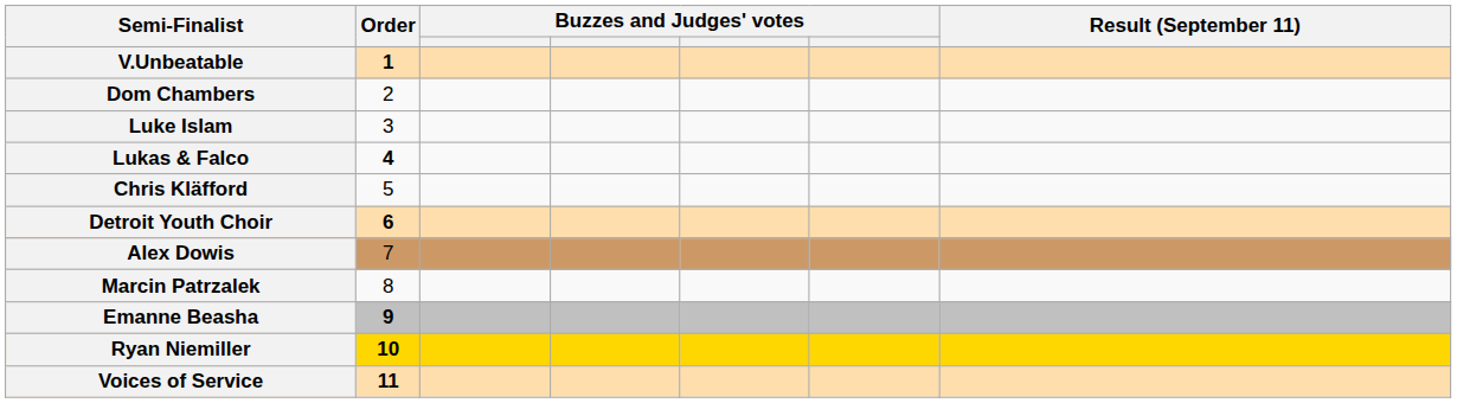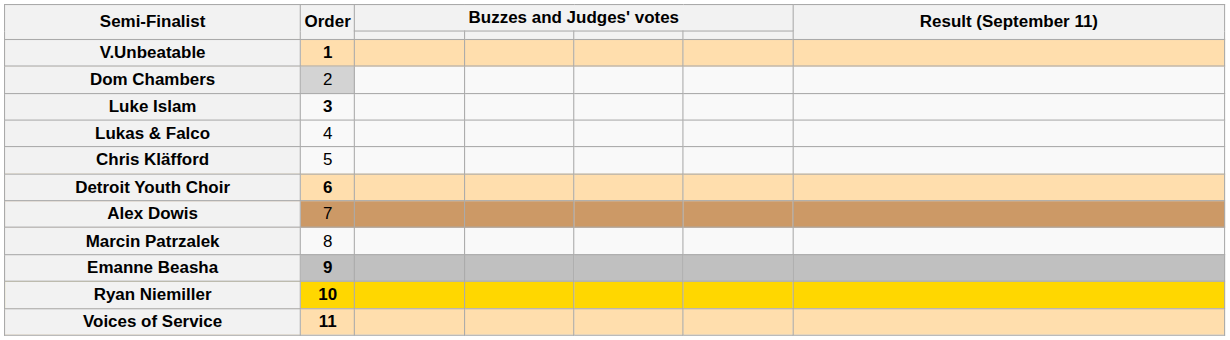 <table class="wikitable plainrowheaders sortable" style="text-align:center;">
 <tr>
 <th scope="col" rowspan="2" class="unsortable" style="width:17em;">Semi-Finalist</th>
 <th scope="col" rowspan="2" style="width:1em;">Order</th>
 <th scope="col" colspan="4" class="unsortable" style="width:24em;">Buzzes and Judges' votes </th>
 <th scope="col" rowspan="2" style="width:25em;">Result (September 11)</th>
 </tr>
 <tr>
 <th scope="col" class="unsortable" style="width:6em;"></th>
 <th scope="col" class="unsortable" style="width:6em;"></th>
 <th scope="col" class="unsortable" style="width:6em;"></th>
 <th scope="col" class="unsortable" style="width:6em;"></th>
 </tr>
 <tr style="background:NavajoWhite">
 <th scope="row"><strong>V.Unbeatable</strong></th>
 <td><strong>1</strong></td>
 <td style="text-align:center;"></td>
 <td style="text-align:center;"></td>
 <td style="text-align:center;"></td>
 <td style="text-align:center;"></td>
 <td><strong></strong></td>
 </tr>
 <tr>
 <th scope="row">Dom Chambers</th>
-<td>2</td>
+<td style="background: lightgrey;">2</td>
 <td style="text-align:center;"></td>
 <td style="text-align:center;"></td>
 <td style="text-align:center;"></td>
 <td style="text-align:center;"></td>
 <td></td>
 </tr>
 <tr>
 <th scope="row">Luke Islam</th>
-<td>3</td>
+<td><strong>3</strong></td>
 <td style="text-align:center;"></td>
 <td style="text-align:center;"></td>
 <td style="text-align:center;"></td>
 <td style="text-align:center;"></td>
 <td></td>
 </tr>
 <tr>
 <th scope="row">Lukas & Falco</th>
-<td><strong>4</strong></td>
+<td>4</td>
 <td style="text-align:center;"></td>
 <td style="text-align:center;"></td>
 <td style="text-align:center;"></td>
 <td style="text-align:center;"> </td>
 <td></td>
 </tr>
 <tr>
 <th scope="row">Chris Kläfford</th>
 <td>5</td>
 <td style="text-align:center;"></td>
 <td style="text-align:center;"></td>
 <td style="text-align:center;"></td>
 <td style="text-align:center;"></td>
 <td></td>
 </tr>
 <tr style="background:NavajoWhite">
 <th scope="row"><strong>Detroit Youth Choir</strong></th>
 <td><strong>6</strong></td>
 <td style="text-align:center;"></td>
 <td style="text-align:center;"></td>
 <td style="text-align:center;"></td>
 <td style="text-align:center;"></td>
 <td><strong></strong></td>
 </tr>
 <tr style="background:#c96">
 <th scope="row">Alex Dowis</th>
 <td>7</td>
 <td style="text-align:center;"></td>
 <td style="text-align:center;"></td>
 <td style="text-align:center;"></td>
 <td style="text-align:center;"></td>
 <td></td>
 </tr>
 <tr>
 <th scope="row">Marcin Patrzalek</th>
 <td>8</td>
 <td style="text-align:center;"></td>
 <td style="text-align:center;"></td>
 <td style="text-align:center;"></td>
 <td style="text-align:center;"></td>
 <td></td>
 </tr>
 <tr style="background:silver">
 <th scope="row"><strong>Emanne Beasha</strong></th>
 <td><strong>9</strong></td>
 <td style="text-align:center;"></td>
 <td style="text-align:center;"></td>
 <td style="text-align:center;"></td>
 <td style="text-align:center;"></td>
 <td><strong></strong></td>
 </tr>
 <tr style="background:gold">
 <th scope="row"><strong>Ryan Niemiller</strong></th>
 <td><strong>10</strong></td>
 <td style="text-align:center;"></td>
 <td style="text-align:center;"></td>
 <td style="text-align:center;"></td>
 <td style="text-align:center;"></td>
 <td><strong></strong></td>
 </tr>
 <tr style="background:NavajoWhite">
 <th scope="row"><strong>Voices of Service</strong></th>
 <td><strong>11</strong></td>
 <td style="text-align:center;"></td>
 <td style="text-align:center;"></td>
 <td style="text-align:center;"></td>
 <td style="text-align:center;"></td>
 <td><strong></strong></td>
 </tr>
 </table>
